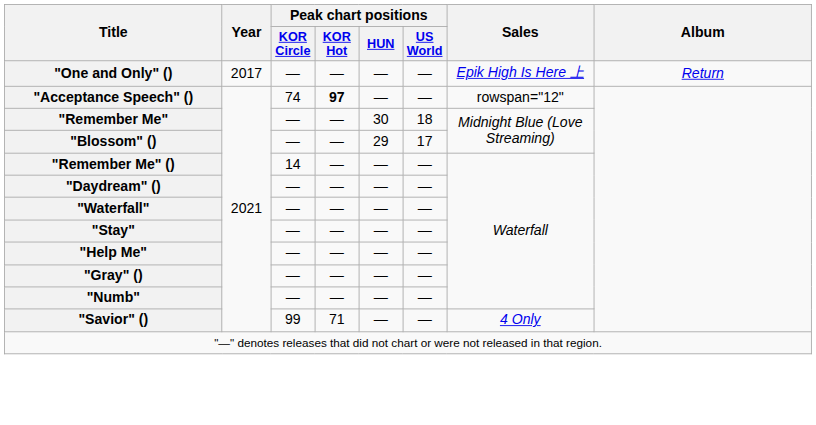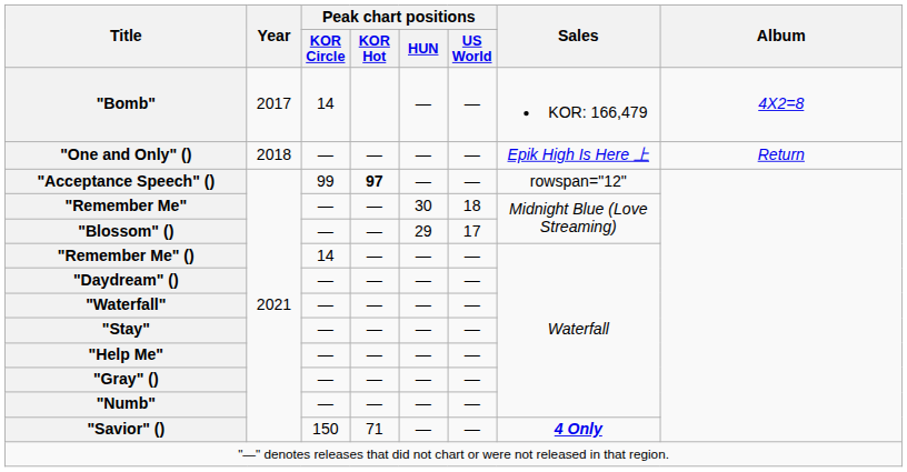 <table class="wikitable plainrowheaders" style="text-align:center;">
 <tr>
 <th scope="col" rowspan="2" style="width:15em;">Title</th>
 <th scope="col" rowspan="2" style="width:3em;">Year</th>
 <th scope="col" colspan="4">Peak chart positions</th>
 <th scope="col" rowspan="2" style="width:10em;">Sales</th>
 <th scope="col" rowspan="2" style="width:15em;">Album</th>
 </tr>
 <tr>
 <th scope="col" style="width:3em;font-size:90%"><a href='#'>KOR<br>Circle</a><br></th>
 <th scope="col" style="width:3em;font-size:90%"><a href='#'>KOR<br>Hot</a><br></th>
 <th scope="col" style="width:3em;font-size:90%"><a href='#'>HUN</a><br></th>
 <th scope="col" style="width:3em;font-size:90%"><a href='#'>US<br>World</a><br></th>
 </tr>
 <tr>
+<th scope="row">"Bomb" <br></th>
+<td>2017</td>
+<td>14</td>
+<td></td>
+<td>—</td>
+<td>—</td>
+<td><br><ul><li>KOR: 166,479</li></ul></td>
+<td><em><a href='#'>4X2=8</a></em></td>
+</tr>
+<tr>
 <th scope="row">"One and Only" ()</th>
-<td>2017</td>
+<td>2018</td>
 <td>—</td>
 <td>—</td>
 <td>—</td>
 <td>—</td>
 <td><em><a href='#'>Epik High Is Here 上</a></em></td>
 <td><em><a href='#'>Return</a></em></td>
 </tr>
 <tr>
 <th scope="row">"Acceptance Speech" () <br></th>
 <td rowspan="11">2021</td>
-<td>74</td>
+<td>99</td>
 <td><strong>97</strong></td>
 <td>—</td>
 <td>—</td>
 <td>rowspan="12" </td>
 </tr>
 <tr>
 <th scope="row">"Remember Me"</th>
 <td>—</td>
 <td>—</td>
 <td>30</td>
 <td>18</td>
 <td rowspan="2"><em>Midnight Blue (Love Streaming)</em></td>
 </tr>
 <tr>
 <th scope="row">"Blossom" ()</th>
 <td>—</td>
 <td>—</td>
 <td>29</td>
 <td>17</td>
 </tr>
 <tr>
 <th scope="row">"Remember Me" ()</th>
 <td>14</td>
 <td>—</td>
 <td>—</td>
 <td>—</td>
 <td rowspan="7"><em>Waterfall</em></td>
 </tr>
 <tr>
 <th scope="row">"Daydream" ()</th>
 <td>—</td>
 <td>—</td>
 <td>—</td>
 <td>—</td>
 </tr>
 <tr>
 <th scope="row">"Waterfall"</th>
 <td>—</td>
 <td>—</td>
 <td>—</td>
 <td>—</td>
 </tr>
 <tr>
 <th scope="row">"Stay"</th>
 <td>—</td>
 <td>—</td>
 <td>—</td>
 <td>—</td>
 </tr>
 <tr>
 <th scope="row">"Help Me"</th>
 <td>—</td>
 <td>—</td>
 <td>—</td>
 <td>—</td>
 </tr>
 <tr>
 <th scope="row">"Gray" ()</th>
 <td>—</td>
 <td>—</td>
 <td>—</td>
 <td>—</td>
 </tr>
 <tr>
 <th scope="row">"Numb"</th>
 <td>—</td>
 <td>—</td>
 <td>—</td>
 <td>—</td>
 </tr>
 <tr>
 <th scope="row">"Savior" () <br></th>
-<td>99</td>
+<td>150</td>
 <td>71</td>
 <td>—</td>
 <td>—</td>
-<td><em><a href='#'>4 Only</a></em></td>
+<td><strong><em><a href='#'>4 Only</a></em></strong></td>
 </tr>
 <tr>
 <td colspan="8"><small>"—" denotes releases that did not chart or were not released in that region.</small></td>
 </tr>
 </table>
